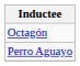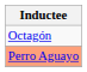 <table class="wikitable">
 <tr>
 <th>Inductee</th>
 </tr>
 <tr>
 <td><a href='#'>Octagón</a></td>
 </tr>
 <tr>
-<td><a href='#'>Perro Aguayo</a></td>
+<td style="background: lightsalmon;"><a href='#'>Perro Aguayo</a></td>
 </tr>
 <tr>
 </tr>
 </table>
